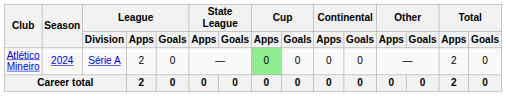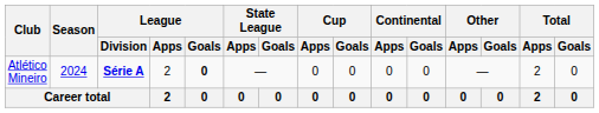 <table class="wikitable" style="text-align: center;">
 <tr>
 <th rowspan="2">Club</th>
 <th rowspan="2">Season</th>
 <th colspan="3">League</th>
 <th colspan="2">State League</th>
 <th colspan="2">Cup</th>
 <th colspan="2">Continental</th>
 <th colspan="2">Other</th>
 <th colspan="2">Total</th>
 </tr>
 <tr>
 <th>Division</th>
 <th>Apps</th>
 <th>Goals</th>
 <th>Apps</th>
 <th>Goals</th>
 <th>Apps</th>
 <th>Goals</th>
 <th>Apps</th>
 <th>Goals</th>
 <th>Apps</th>
 <th>Goals</th>
 <th>Apps</th>
 <th>Goals</th>
 </tr>
 <tr>
 <td valign="center"><a href='#'>Atlético Mineiro</a></td>
 <td><a href='#'>2024</a></td>
-<td><a href='#'>Série A</a></td>
+<td><strong><a href='#'>Série A</a></strong></td>
 <td>2</td>
+<td><strong>0</strong></td>
+<td colspan="2">—</td>
 <td>0</td>
-<td colspan="2">—</td>
-<td style="background: lightgreen;">0</td>
 <td>0</td>
 <td>0</td>
 <td>0</td>
 <td colspan="2">—</td>
 <td>2</td>
 <td>0</td>
 </tr>
 <tr>
 <th colspan="3"><strong>Career total</strong></th>
 <th>2</th>
 <th>0</th>
 <th>0</th>
 <th>0</th>
 <th>0</th>
 <th>0</th>
 <th>0</th>
 <th>0</th>
 <th>0</th>
 <th>0</th>
 <th>2</th>
 <th>0</th>
 </tr>
 </table>
